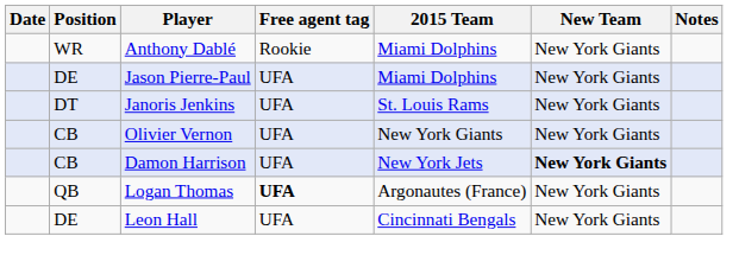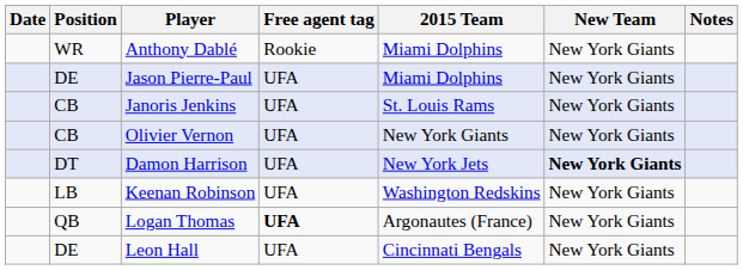 <table class="wikitable sortable" style="font-size: 100%;">
 <tr>
 <th>Date</th>
 <th>Position</th>
 <th>Player</th>
 <th>Free agent tag</th>
 <th>2015 Team</th>
 <th>New Team</th>
 <th>Notes</th>
 </tr>
 <tr>
 <td></td>
 <td>WR</td>
 <td><a href='#'>Anthony Dablé</a></td>
 <td>Rookie</td>
 <td><a href='#'>Miami Dolphins</a></td>
 <td>New York Giants</td>
 <td></td>
 </tr>
 <tr style="background:#e2e8f8;"https://web.archive.org/web/20170216172032/http://www.giants.com/news-and-blogs/article-1/Giants-sign-French-native-WR-Anthony-Dabl%C3%A9/302bbc12-5e5d-4b54-b9c2-4f86d566d84d>
 <td></td>
 <td>DE</td>
 <td><a href='#'>Jason Pierre-Paul</a></td>
 <td>UFA</td>
 <td><a href='#'>Miami Dolphins</a></td>
 <td>New York Giants</td>
 <td></td>
 </tr>
 <tr style="background:#e2e8f8;">
 <td></td>
-<td>DT</td>
+<td>CB</td>
 <td><a href='#'>Janoris Jenkins</a></td>
 <td>UFA</td>
 <td><a href='#'>St. Louis Rams</a></td>
 <td>New York Giants</td>
 <td></td>
 </tr>
 <tr style="background:#e2e8f8;">
 <td></td>
 <td>CB</td>
 <td><a href='#'>Olivier Vernon</a></td>
 <td>UFA</td>
 <td>New York Giants</td>
 <td>New York Giants</td>
 <td></td>
 </tr>
 <tr style="background:#e2e8f8;">
 <td></td>
-<td>CB</td>
+<td>DT</td>
 <td><a href='#'>Damon Harrison</a></td>
 <td>UFA</td>
 <td><a href='#'>New York Jets</a></td>
 <td><strong>New York Giants</strong></td>
+<td></td>
+</tr>
+<tr>
+<td></td>
+<td>LB</td>
+<td><a href='#'>Keenan Robinson</a></td>
+<td>UFA</td>
+<td><a href='#'>Washington Redskins</a></td>
+<td>New York Giants</td>
 <td></td>
 </tr>
 <tr>
 <td></td>
 <td>QB</td>
 <td><a href='#'>Logan Thomas</a></td>
 <td><strong>UFA</strong></td>
 <td>Argonautes (France)</td>
 <td>New York Giants</td>
 <td></td>
 </tr>
 <tr>
 <td></td>
 <td>DE</td>
 <td><a href='#'>Leon Hall</a></td>
 <td>UFA</td>
 <td><a href='#'>Cincinnati Bengals</a></td>
 <td>New York Giants</td>
 <td></td>
 </tr>
 </table>
